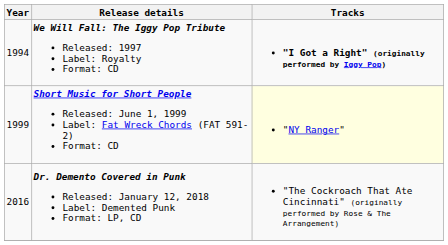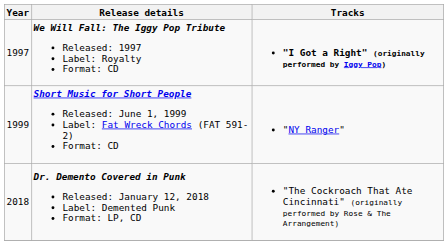 <table class ="wikitable">
 <tr>
 <th>Year</th>
 <th width="300">Release details</th>
 <th>Tracks</th>
 </tr>
 <tr>
-<td>1994</td>
+<td>1997</td>
 <td><strong><em>We Will Fall: The Iggy Pop Tribute</em></strong><br><ul><li>Released: 1997</li><li>Label: Royalty</li><li>Format: CD</li></ul></td>
 <td><strong><br><ul><li>"I Got a Right" <small>(originally performed by <a href='#'>Iggy Pop</a>)</small></li></ul></strong></td>
 </tr>
 <tr>
 <td>1999</td>
 <td><strong><em><a href='#'>Short Music for Short People</a></em></strong><br><ul><li>Released: June 1, 1999</li><li>Label: <a href='#'>Fat Wreck Chords</a> (FAT 591-2)</li><li>Format: CD</li></ul></td>
-<td style="background: lightyellow;"><br><ul><li>"<a href='#'>NY Ranger</a>"</li></ul></td>
+<td><br><ul><li>"<a href='#'>NY Ranger</a>"</li></ul></td>
 </tr>
 <tr>
-<td>2016</td>
+<td>2018</td>
 <td><strong><em>Dr. Demento Covered in Punk</em></strong><br><ul><li>Released: January 12, 2018</li><li>Label: Demented Punk</li><li>Format: LP, CD</li></ul></td>
 <td><br><ul><li>"The Cockroach That Ate Cincinnati" <small>(originally performed by Rose & The Arrangement)</small></li></ul></td>
 </tr>
 <tr>
 </tr>
 </table>
